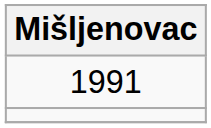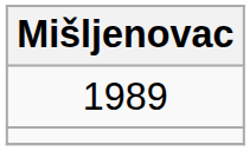 <table class="wikitable" style="margin: 0.5em auto; text-align: center;">
 <tr>
 <th colspan="1">Mišljenovac</th>
 </tr>
 <tr>
-<td>1991</td>
+<td>1989</td>
 </tr>
 <tr>
 <td></td>
 </tr>
 <tr>
 </tr>
 </table>
